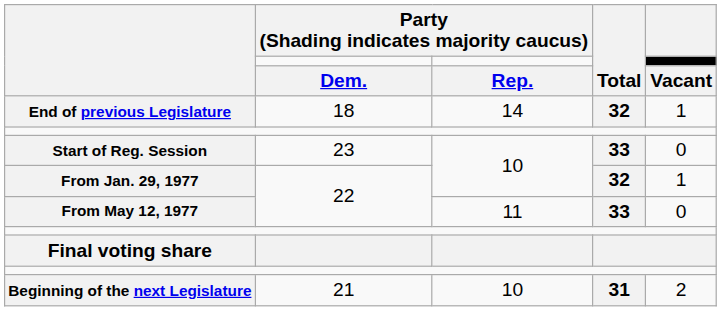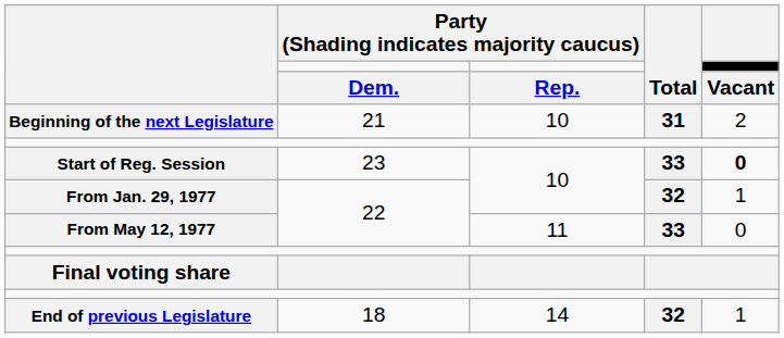 <table class=wikitable style="text-align:center">
 <tr style="vertical-align:bottom;">
 <th rowspan=3></th>
 <th colspan=2>Party <div>(Shading indicates majority caucus)</div></th>
 <th rowspan=3>Total</th>
 <th></th>
 </tr>
 <tr style="height:5px">
 <td style="background-color:"></td>
 <td style="background-color:"></td>
 <td style="background:black;"></td>
 </tr>
 <tr>
 <th><a href='#'>Dem.</a></th>
 <th><a href='#'>Rep.</a></th>
 <th>Vacant</th>
 </tr>
 <tr>
-<th style="font-size:80%;">End of <a href='#'>previous Legislature</a></th>
-<td>18</td>
-<td>14</td>
-<th>32</th>
-<td>1</td>
+<th style="font-size:80%;">Beginning of the <a href='#'>next Legislature</a></th>
+<td>21</td>
+<td>10</td>
+<th>31</th>
+<td>2</td>
 </tr>
 <tr>
 <td colspan=5></td>
 </tr>
 <tr>
 <th style="font-size:80%;">Start of Reg. Session</th>
 <td>23</td>
 <td rowspan="2">10</td>
 <th>33</th>
-<td>0</td>
+<td><strong>0</strong></td>
 </tr>
 <tr>
 <th style="font-size:80%;">From Jan. 29, 1977</th>
 <td rowspan="2" >22</td>
 <th>32</th>
 <td>1</td>
 </tr>
 <tr>
 <th style="font-size:80%;">From May 12, 1977</th>
 <td>11</td>
 <th>33</th>
 <td>0</td>
 </tr>
 <tr>
 <td colspan=5></td>
 </tr>
 <tr>
 <th>Final voting share</th>
 <th></th>
 <th></th>
 <th colspan=2></th>
 </tr>
 <tr>
 <td colspan=5></td>
 </tr>
 <tr>
-<th style="font-size:80%;">Beginning of the <a href='#'>next Legislature</a></th>
-<td>21</td>
-<td>10</td>
-<th>31</th>
-<td>2</td>
+<th style="font-size:80%;">End of <a href='#'>previous Legislature</a></th>
+<td>18</td>
+<td>14</td>
+<th>32</th>
+<td>1</td>
 </tr>
 </table>
